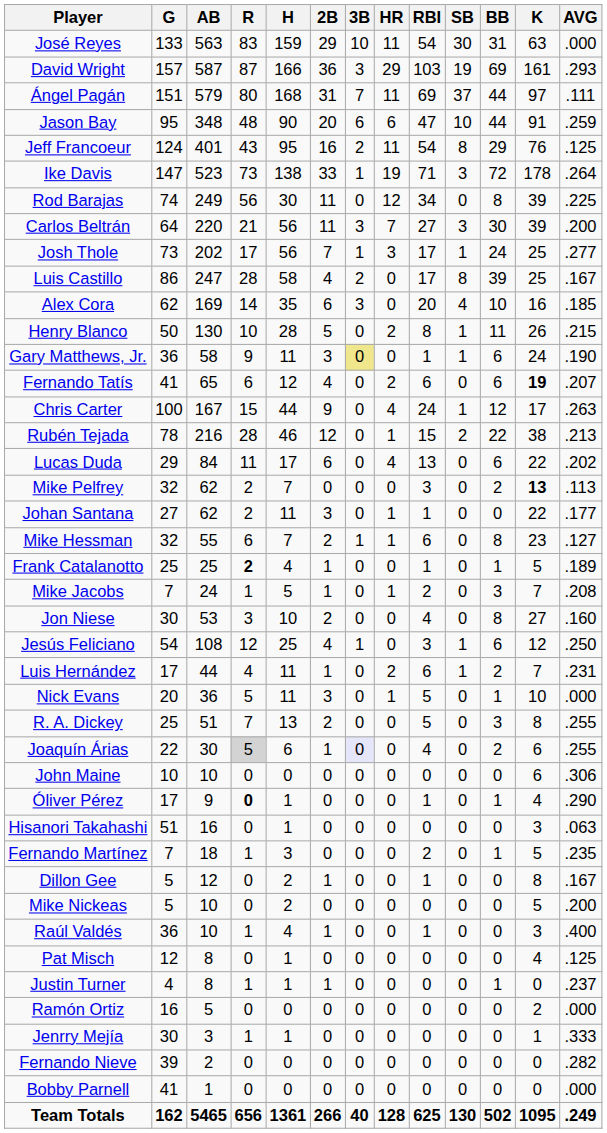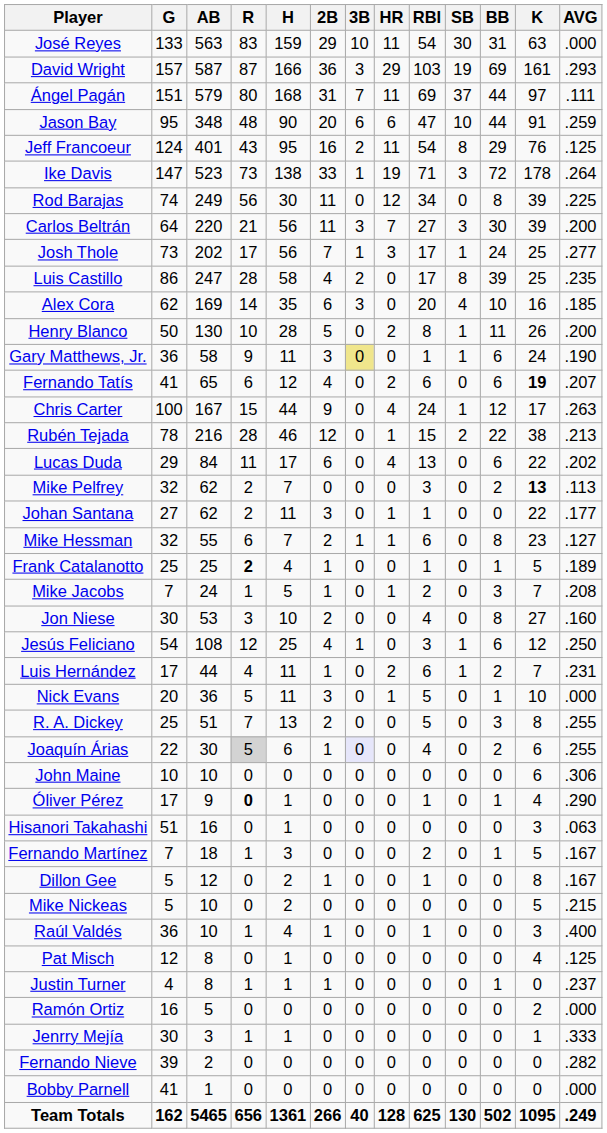 <table class="wikitable sortable">
 <tr>
 <th>Player</th>
 <th>G</th>
 <th>AB</th>
 <th>R</th>
 <th>H</th>
 <th>2B</th>
 <th>3B</th>
 <th>HR</th>
 <th>RBI</th>
 <th>SB</th>
 <th>BB</th>
 <th>K</th>
 <th>AVG</th>
 </tr>
 <tr align="center">
 <td><a href='#'>José Reyes</a></td>
 <td>133</td>
 <td>563</td>
 <td>83</td>
 <td>159</td>
 <td>29</td>
 <td>10</td>
 <td>11</td>
 <td>54</td>
 <td>30</td>
 <td>31</td>
 <td>63</td>
 <td>.000</td>
 </tr>
 <tr align="center">
 <td><a href='#'>David Wright</a></td>
 <td>157</td>
 <td>587</td>
 <td>87</td>
 <td>166</td>
 <td>36</td>
 <td>3</td>
 <td>29</td>
 <td>103</td>
 <td>19</td>
 <td>69</td>
 <td>161</td>
 <td>.293</td>
 </tr>
 <tr align="center">
 <td><a href='#'>Ángel Pagán</a></td>
 <td>151</td>
 <td>579</td>
 <td>80</td>
 <td>168</td>
 <td>31</td>
 <td>7</td>
 <td>11</td>
 <td>69</td>
 <td>37</td>
 <td>44</td>
 <td>97</td>
 <td>.111</td>
 </tr>
 <tr align="center">
 <td><a href='#'>Jason Bay</a></td>
 <td>95</td>
 <td>348</td>
 <td>48</td>
 <td>90</td>
 <td>20</td>
 <td>6</td>
 <td>6</td>
 <td>47</td>
 <td>10</td>
 <td>44</td>
 <td>91</td>
 <td>.259</td>
 </tr>
 <tr align="center">
 <td><a href='#'>Jeff Francoeur</a></td>
 <td>124</td>
 <td>401</td>
 <td>43</td>
 <td>95</td>
 <td>16</td>
 <td>2</td>
 <td>11</td>
 <td>54</td>
 <td>8</td>
 <td>29</td>
 <td>76</td>
 <td>.125</td>
 </tr>
 <tr align="center">
 <td><a href='#'>Ike Davis</a></td>
 <td>147</td>
 <td>523</td>
 <td>73</td>
 <td>138</td>
 <td>33</td>
 <td>1</td>
 <td>19</td>
 <td>71</td>
 <td>3</td>
 <td>72</td>
 <td>178</td>
 <td>.264</td>
 </tr>
 <tr align="center">
 <td><a href='#'>Rod Barajas</a></td>
 <td>74</td>
 <td>249</td>
 <td>56</td>
 <td>30</td>
 <td>11</td>
 <td>0</td>
 <td>12</td>
 <td>34</td>
 <td>0</td>
 <td>8</td>
 <td>39</td>
 <td>.225</td>
 </tr>
 <tr align="center">
 <td><a href='#'>Carlos Beltrán</a></td>
 <td>64</td>
 <td>220</td>
 <td>21</td>
 <td>56</td>
 <td>11</td>
 <td>3</td>
 <td>7</td>
 <td>27</td>
 <td>3</td>
 <td>30</td>
 <td>39</td>
 <td>.200</td>
 </tr>
 <tr align="center">
 <td><a href='#'>Josh Thole</a></td>
 <td>73</td>
 <td>202</td>
 <td>17</td>
 <td>56</td>
 <td>7</td>
 <td>1</td>
 <td>3</td>
 <td>17</td>
 <td>1</td>
 <td>24</td>
 <td>25</td>
 <td>.277</td>
 </tr>
 <tr align="center">
 <td><a href='#'>Luis Castillo</a></td>
 <td>86</td>
 <td>247</td>
 <td>28</td>
 <td>58</td>
 <td>4</td>
 <td>2</td>
 <td>0</td>
 <td>17</td>
 <td>8</td>
 <td>39</td>
 <td>25</td>
-<td>.167</td>
+<td>.235</td>
 </tr>
 <tr align="center">
 <td><a href='#'>Alex Cora</a></td>
 <td>62</td>
 <td>169</td>
 <td>14</td>
 <td>35</td>
 <td>6</td>
 <td>3</td>
 <td>0</td>
 <td>20</td>
 <td>4</td>
 <td>10</td>
 <td>16</td>
 <td>.185</td>
 </tr>
 <tr align="center">
 <td><a href='#'>Henry Blanco</a></td>
 <td>50</td>
 <td>130</td>
 <td>10</td>
 <td>28</td>
 <td>5</td>
 <td>0</td>
 <td>2</td>
 <td>8</td>
 <td>1</td>
 <td>11</td>
 <td>26</td>
-<td>.215</td>
+<td>.200</td>
 </tr>
 <tr align="center">
 <td><a href='#'>Gary Matthews, Jr.</a></td>
 <td>36</td>
 <td>58</td>
 <td>9</td>
 <td>11</td>
 <td>3</td>
 <td style="background: khaki;">0</td>
 <td>0</td>
 <td>1</td>
 <td>1</td>
 <td>6</td>
 <td>24</td>
 <td>.190</td>
 </tr>
 <tr align="center">
 <td><a href='#'>Fernando Tatís</a></td>
 <td>41</td>
 <td>65</td>
 <td>6</td>
 <td>12</td>
 <td>4</td>
 <td>0</td>
 <td>2</td>
 <td>6</td>
 <td>0</td>
 <td>6</td>
 <td><strong>19</strong></td>
 <td>.207</td>
 </tr>
 <tr align="center">
 <td><a href='#'>Chris Carter</a></td>
 <td>100</td>
 <td>167</td>
 <td>15</td>
 <td>44</td>
 <td>9</td>
 <td>0</td>
 <td>4</td>
 <td>24</td>
 <td>1</td>
 <td>12</td>
 <td>17</td>
 <td>.263</td>
 </tr>
 <tr align="center">
 <td><a href='#'>Rubén Tejada</a></td>
 <td>78</td>
 <td>216</td>
 <td>28</td>
 <td>46</td>
 <td>12</td>
 <td>0</td>
 <td>1</td>
 <td>15</td>
 <td>2</td>
 <td>22</td>
 <td>38</td>
 <td>.213</td>
 </tr>
 <tr align="center">
 <td><a href='#'>Lucas Duda</a></td>
 <td>29</td>
 <td>84</td>
 <td>11</td>
 <td>17</td>
 <td>6</td>
 <td>0</td>
 <td>4</td>
 <td>13</td>
 <td>0</td>
 <td>6</td>
 <td>22</td>
 <td>.202</td>
 </tr>
 <tr align="center">
 <td><a href='#'>Mike Pelfrey</a></td>
 <td>32</td>
 <td>62</td>
 <td>2</td>
 <td>7</td>
 <td>0</td>
 <td>0</td>
 <td>0</td>
 <td>3</td>
 <td>0</td>
 <td>2</td>
 <td><strong>13</strong></td>
 <td>.113</td>
 </tr>
 <tr align="center">
 <td><a href='#'>Johan Santana</a></td>
 <td>27</td>
 <td>62</td>
 <td>2</td>
 <td>11</td>
 <td>3</td>
 <td>0</td>
 <td>1</td>
 <td>1</td>
 <td>0</td>
 <td>0</td>
 <td>22</td>
 <td>.177</td>
 </tr>
 <tr align="center">
 <td><a href='#'>Mike Hessman</a></td>
 <td>32</td>
 <td>55</td>
 <td>6</td>
 <td>7</td>
 <td>2</td>
 <td>1</td>
 <td>1</td>
 <td>6</td>
 <td>0</td>
 <td>8</td>
 <td>23</td>
 <td>.127</td>
 </tr>
 <tr align="center">
 <td><a href='#'>Frank Catalanotto</a></td>
 <td>25</td>
 <td>25</td>
 <td><strong>2</strong></td>
 <td>4</td>
 <td>1</td>
 <td>0</td>
 <td>0</td>
 <td>1</td>
 <td>0</td>
 <td>1</td>
 <td>5</td>
 <td>.189</td>
 </tr>
 <tr align="center">
 <td><a href='#'>Mike Jacobs</a></td>
 <td>7</td>
 <td>24</td>
 <td>1</td>
 <td>5</td>
 <td>1</td>
 <td>0</td>
 <td>1</td>
 <td>2</td>
 <td>0</td>
 <td>3</td>
 <td>7</td>
 <td>.208</td>
 </tr>
 <tr align="center">
 <td><a href='#'>Jon Niese</a></td>
 <td>30</td>
 <td>53</td>
 <td>3</td>
 <td>10</td>
 <td>2</td>
 <td>0</td>
 <td>0</td>
 <td>4</td>
 <td>0</td>
 <td>8</td>
 <td>27</td>
 <td>.160</td>
 </tr>
 <tr align="center">
 <td><a href='#'>Jesús Feliciano</a></td>
 <td>54</td>
 <td>108</td>
 <td>12</td>
 <td>25</td>
 <td>4</td>
 <td>1</td>
 <td>0</td>
 <td>3</td>
 <td>1</td>
 <td>6</td>
 <td>12</td>
 <td>.250</td>
 </tr>
 <tr align="center">
 <td><a href='#'>Luis Hernández</a></td>
 <td>17</td>
 <td>44</td>
 <td>4</td>
 <td>11</td>
 <td>1</td>
 <td>0</td>
 <td>2</td>
 <td>6</td>
 <td>1</td>
 <td>2</td>
 <td>7</td>
 <td>.231</td>
 </tr>
 <tr align="center">
 <td><a href='#'>Nick Evans</a></td>
 <td>20</td>
 <td>36</td>
 <td>5</td>
 <td>11</td>
 <td>3</td>
 <td>0</td>
 <td>1</td>
 <td>5</td>
 <td>0</td>
 <td>1</td>
 <td>10</td>
 <td>.000</td>
 </tr>
 <tr align="center">
 <td><a href='#'>R. A. Dickey</a></td>
 <td>25</td>
 <td>51</td>
 <td>7</td>
 <td>13</td>
 <td>2</td>
 <td>0</td>
 <td>0</td>
 <td>5</td>
 <td>0</td>
 <td>3</td>
 <td>8</td>
 <td>.255</td>
 </tr>
 <tr align="center">
 <td><a href='#'>Joaquín Árias</a></td>
 <td>22</td>
 <td>30</td>
 <td style="background: lightgrey;">5</td>
 <td>6</td>
 <td>1</td>
 <td style="background: lavender;">0</td>
 <td>0</td>
 <td>4</td>
 <td>0</td>
 <td>2</td>
 <td>6</td>
 <td>.255</td>
 </tr>
 <tr align="center">
 <td><a href='#'>John Maine</a></td>
 <td>10</td>
 <td>10</td>
 <td>0</td>
 <td>0</td>
 <td>0</td>
 <td>0</td>
 <td>0</td>
 <td>0</td>
 <td>0</td>
 <td>0</td>
 <td>6</td>
 <td>.306</td>
 </tr>
 <tr align="center">
 <td><a href='#'>Óliver Pérez</a></td>
 <td>17</td>
 <td>9</td>
 <td><strong>0</strong></td>
 <td>1</td>
 <td>0</td>
 <td>0</td>
 <td>0</td>
 <td>1</td>
 <td>0</td>
 <td>1</td>
 <td>4</td>
 <td>.290</td>
 </tr>
 <tr align="center">
 <td><a href='#'>Hisanori Takahashi</a></td>
 <td>51</td>
 <td>16</td>
 <td>0</td>
 <td>1</td>
 <td>0</td>
 <td>0</td>
 <td>0</td>
 <td>0</td>
 <td>0</td>
 <td>0</td>
 <td>3</td>
 <td>.063</td>
 </tr>
 <tr align="center">
 <td><a href='#'>Fernando Martínez</a></td>
 <td>7</td>
 <td>18</td>
 <td>1</td>
 <td>3</td>
 <td>0</td>
 <td>0</td>
 <td>0</td>
 <td>2</td>
 <td>0</td>
 <td>1</td>
 <td>5</td>
-<td>.235</td>
+<td>.167</td>
 </tr>
 <tr align="center">
 <td><a href='#'>Dillon Gee</a></td>
 <td>5</td>
 <td>12</td>
 <td>0</td>
 <td>2</td>
 <td>1</td>
 <td>0</td>
 <td>0</td>
 <td>1</td>
 <td>0</td>
 <td>0</td>
 <td>8</td>
 <td>.167</td>
 </tr>
 <tr align="center">
 <td><a href='#'>Mike Nickeas</a></td>
 <td>5</td>
 <td>10</td>
 <td>0</td>
 <td>2</td>
 <td>0</td>
 <td>0</td>
 <td>0</td>
 <td>0</td>
 <td>0</td>
 <td>0</td>
 <td>5</td>
-<td>.200</td>
+<td>.215</td>
 </tr>
 <tr align="center">
 <td><a href='#'>Raúl Valdés</a></td>
 <td>36</td>
 <td>10</td>
 <td>1</td>
 <td>4</td>
 <td>1</td>
 <td>0</td>
 <td>0</td>
 <td>1</td>
 <td>0</td>
 <td>0</td>
 <td>3</td>
 <td>.400</td>
 </tr>
 <tr align="center">
 <td><a href='#'>Pat Misch</a></td>
 <td>12</td>
 <td>8</td>
 <td>0</td>
 <td>1</td>
 <td>0</td>
 <td>0</td>
 <td>0</td>
 <td>0</td>
 <td>0</td>
 <td>0</td>
 <td>4</td>
 <td>.125</td>
 </tr>
 <tr align="center">
 <td><a href='#'>Justin Turner</a></td>
 <td>4</td>
 <td>8</td>
 <td>1</td>
 <td>1</td>
 <td>1</td>
 <td>0</td>
 <td>0</td>
 <td>0</td>
 <td>0</td>
 <td>1</td>
 <td>0</td>
 <td>.237</td>
 </tr>
 <tr align="center">
 <td><a href='#'>Ramón Ortiz</a></td>
 <td>16</td>
 <td>5</td>
 <td>0</td>
 <td>0</td>
 <td>0</td>
 <td>0</td>
 <td>0</td>
 <td>0</td>
 <td>0</td>
 <td>0</td>
 <td>2</td>
 <td>.000</td>
 </tr>
 <tr align="center">
 <td><a href='#'>Jenrry Mejía</a></td>
 <td>30</td>
 <td>3</td>
 <td>1</td>
 <td>1</td>
 <td>0</td>
 <td>0</td>
 <td>0</td>
 <td>0</td>
 <td>0</td>
 <td>0</td>
 <td>1</td>
 <td>.333</td>
 </tr>
 <tr align="center">
 <td><a href='#'>Fernando Nieve</a></td>
 <td>39</td>
 <td>2</td>
 <td>0</td>
 <td>0</td>
 <td>0</td>
 <td>0</td>
 <td>0</td>
 <td>0</td>
 <td>0</td>
 <td>0</td>
 <td>0</td>
 <td>.282</td>
 </tr>
 <tr align="center">
 <td><a href='#'>Bobby Parnell</a></td>
 <td>41</td>
 <td>1</td>
 <td>0</td>
 <td>0</td>
 <td>0</td>
 <td>0</td>
 <td>0</td>
 <td>0</td>
 <td>0</td>
 <td>0</td>
 <td>0</td>
 <td>.000</td>
 </tr>
 <tr align=center>
 <td><strong>Team Totals</strong></td>
 <td><strong>162</strong></td>
 <td><strong>5465</strong></td>
 <td><strong>656</strong></td>
 <td><strong>1361</strong></td>
 <td><strong>266</strong></td>
 <td><strong>40</strong></td>
 <td><strong>128</strong></td>
 <td><strong>625</strong></td>
 <td><strong>130</strong></td>
 <td><strong>502</strong></td>
 <td><strong>1095</strong></td>
 <td><strong>.249</strong></td>
 </tr>
 </table>
